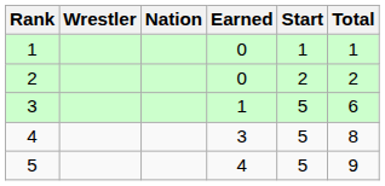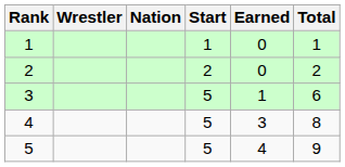 <table class="wikitable sortable" style="text-align:center;">
 <tr>
 <th>Rank</th>
 <th>Wrestler</th>
 <th>Nation</th>
+<th>Start</th>
 <th>Earned</th>
-<th>Start</th>
 <th>Total</th>
 </tr>
 <tr style="background:#cfc;">
 <td>1</td>
 <td align=left></td>
 <td align=left></td>
+<td>1</td>
 <td>0</td>
-<td>1</td>
 <td>1</td>
 </tr>
 <tr style="background:#cfc;">
 <td>2</td>
 <td align=left></td>
 <td align=left></td>
+<td>2</td>
 <td>0</td>
-<td>2</td>
 <td>2</td>
 </tr>
 <tr style="background:#cfc;">
 <td>3</td>
 <td align=left></td>
 <td align=left></td>
+<td>5</td>
 <td>1</td>
-<td>5</td>
 <td>6</td>
 </tr>
 <tr>
 <td>4</td>
 <td align=left></td>
 <td align=left></td>
+<td>5</td>
 <td>3</td>
-<td>5</td>
 <td>8</td>
 </tr>
 <tr>
 <td>5</td>
 <td align=left></td>
 <td align=left></td>
+<td>5</td>
 <td>4</td>
-<td>5</td>
 <td>9</td>
 </tr>
 </table>
